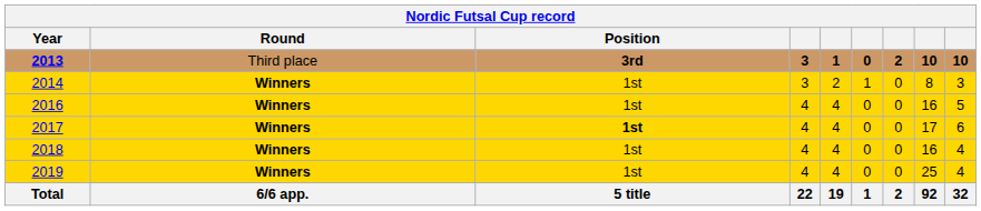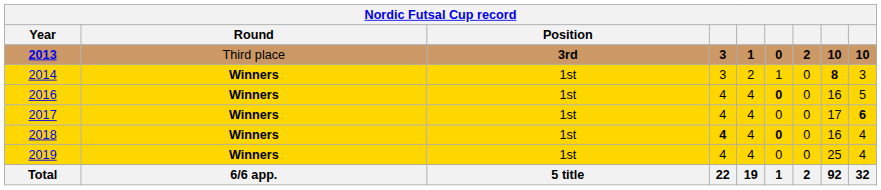 <table class="wikitable" width=50% style="text-align: center;font-size:90%;">
 <tr>
 <th colspan=9><a href='#'>Nordic Futsal Cup record</a></th>
 </tr>
 <tr>
 <th width=80>Year</th>
 <th>Round</th>
 <th>Position</th>
 <th width=25></th>
 <th width=25></th>
 <th width=25></th>
 <th width=25></th>
 <th width=25></th>
 <th width=25></th>
 </tr>
 <tr style="background:#c96;">
 <td> <strong><a href='#'>2013</a></strong></td>
 <td>Third place</td>
 <td><strong>3rd</strong></td>
 <td><strong>3</strong></td>
 <td><strong>1</strong></td>
 <td><strong>0</strong></td>
 <td><strong>2</strong></td>
 <td><strong>10</strong></td>
 <td><strong>10</strong></td>
 </tr>
 <tr style="background:gold;">
 <td> <a href='#'>2014</a></td>
 <td><strong>Winners</strong></td>
 <td>1st</td>
 <td>3</td>
 <td>2</td>
 <td>1</td>
 <td>0</td>
-<td>8</td>
+<td><strong>8</strong></td>
 <td>3</td>
 </tr>
 <tr style="background:gold;">
 <td> <a href='#'>2016</a></td>
 <td><strong>Winners</strong></td>
 <td>1st</td>
 <td>4</td>
 <td>4</td>
-<td>0</td>
+<td><strong>0</strong></td>
 <td>0</td>
 <td>16</td>
 <td>5</td>
 </tr>
 <tr style="background:gold;">
 <td> <a href='#'>2017</a></td>
 <td><strong>Winners</strong></td>
-<td><strong>1st</strong></td>
+<td>1st</td>
 <td>4</td>
 <td>4</td>
 <td>0</td>
 <td>0</td>
 <td>17</td>
-<td>6</td>
+<td><strong>6</strong></td>
 </tr>
 <tr style="background:gold;">
 <td> <a href='#'>2018</a></td>
 <td><strong>Winners</strong></td>
 <td>1st</td>
+<td><strong>4</strong></td>
 <td>4</td>
-<td>4</td>
-<td>0</td>
+<td><strong>0</strong></td>
 <td>0</td>
 <td>16</td>
 <td>4</td>
 </tr>
 <tr style="background:gold;">
 <td> <a href='#'>2019</a></td>
 <td><strong>Winners</strong></td>
 <td>1st</td>
 <td>4</td>
 <td>4</td>
 <td>0</td>
 <td>0</td>
 <td>25</td>
 <td>4</td>
 </tr>
 <tr>
 <th><strong>Total</strong></th>
 <th>6/6 app.</th>
 <th>5 title</th>
 <th>22</th>
 <th>19</th>
 <th>1</th>
 <th>2</th>
 <th>92</th>
 <th>32</th>
 </tr>
 </table>
